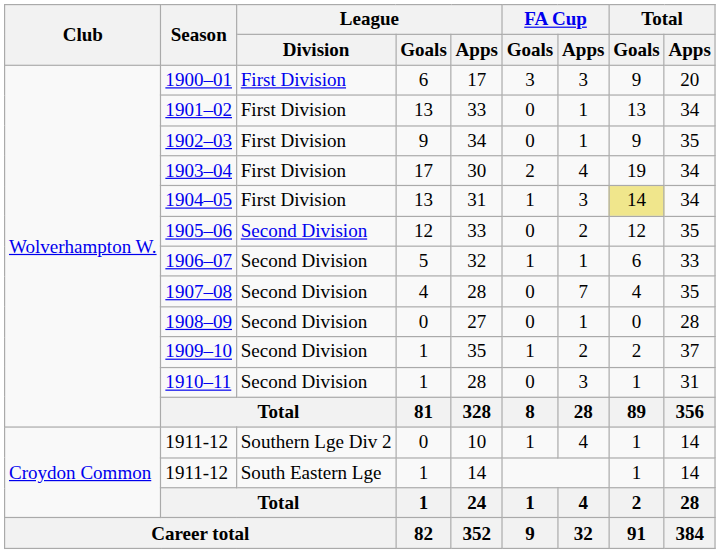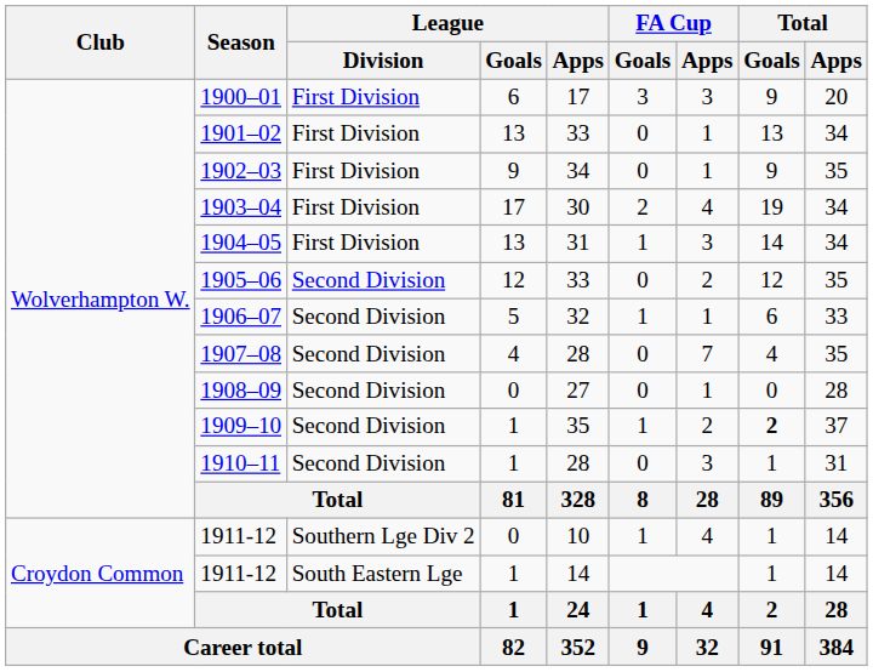 <table class="wikitable">
 <tr>
 <th rowspan="2">Club</th>
 <th rowspan="2">Season</th>
 <th colspan="3">League</th>
 <th colspan="2"><a href='#'>FA Cup</a></th>
 <th colspan="2">Total</th>
 </tr>
 <tr>
 <th>Division</th>
 <th>Goals</th>
 <th>Apps</th>
 <th>Goals</th>
 <th>Apps</th>
 <th>Goals</th>
 <th>Apps</th>
 </tr>
 <tr>
 <td rowspan="12"><a href='#'>Wolverhampton W.</a></td>
 <td><a href='#'>1900–01</a></td>
 <td><a href='#'>First Division</a></td>
 <td align="center">6</td>
 <td align="center">17</td>
 <td align="center">3</td>
 <td align="center">3</td>
 <td align="center">9</td>
 <td align="center">20</td>
 </tr>
 <tr>
 <td><a href='#'>1901–02</a></td>
 <td>First Division</td>
 <td align="center">13</td>
 <td align="center">33</td>
 <td align="center">0</td>
 <td align="center">1</td>
 <td align="center">13</td>
 <td align="center">34</td>
 </tr>
 <tr>
 <td><a href='#'>1902–03</a></td>
 <td>First Division</td>
 <td align="center">9</td>
 <td align="center">34</td>
 <td align="center">0</td>
 <td align="center">1</td>
 <td align="center">9</td>
 <td align="center">35</td>
 </tr>
 <tr>
 <td><a href='#'>1903–04</a></td>
 <td>First Division</td>
 <td align="center">17</td>
 <td align="center">30</td>
 <td align="center">2</td>
 <td align="center">4</td>
 <td align="center">19</td>
 <td align="center">34</td>
 </tr>
 <tr>
 <td><a href='#'>1904–05</a></td>
 <td>First Division</td>
 <td align="center">13</td>
 <td align="center">31</td>
 <td align="center">1</td>
 <td align="center">3</td>
-<td align="center" style="background: khaki;">14</td>
+<td align="center">14</td>
 <td align="center">34</td>
 </tr>
 <tr>
 <td><a href='#'>1905–06</a></td>
 <td><a href='#'>Second Division</a></td>
 <td align="center">12</td>
 <td align="center">33</td>
 <td align="center">0</td>
 <td align="center">2</td>
 <td align="center">12</td>
 <td align="center">35</td>
 </tr>
 <tr>
 <td><a href='#'>1906–07</a></td>
 <td>Second Division</td>
 <td align="center">5</td>
 <td align="center">32</td>
 <td align="center">1</td>
 <td align="center">1</td>
 <td align="center">6</td>
 <td align="center">33</td>
 </tr>
 <tr>
 <td><a href='#'>1907–08</a></td>
 <td>Second Division</td>
 <td align="center">4</td>
 <td align="center">28</td>
 <td align="center">0</td>
 <td align="center">7</td>
 <td align="center">4</td>
 <td align="center">35</td>
 </tr>
 <tr>
 <td><a href='#'>1908–09</a></td>
 <td>Second Division</td>
 <td align="center">0</td>
 <td align="center">27</td>
 <td align="center">0</td>
 <td align="center">1</td>
 <td align="center">0</td>
 <td align="center">28</td>
 </tr>
 <tr>
 <td><a href='#'>1909–10</a></td>
 <td>Second Division</td>
 <td align="center">1</td>
 <td align="center">35</td>
 <td align="center">1</td>
 <td align="center">2</td>
-<td align="center">2</td>
+<td align="center"><strong>2</strong></td>
 <td align="center">37</td>
 </tr>
 <tr>
 <td><a href='#'>1910–11</a></td>
 <td>Second Division</td>
 <td align="center">1</td>
 <td align="center">28</td>
 <td align="center">0</td>
 <td align="center">3</td>
 <td align="center">1</td>
 <td align="center">31</td>
 </tr>
 <tr>
 <th colspan="2">Total</th>
 <th>81</th>
 <th>328</th>
 <th>8</th>
 <th>28</th>
 <th>89</th>
 <th>356</th>
 </tr>
 <tr>
 <td rowspan="3"><a href='#'>Croydon Common</a></td>
 <td>1911-12</td>
 <td>Southern Lge Div 2</td>
 <td align="center">0</td>
 <td align="center">10</td>
 <td align="center">1</td>
 <td align="center">4</td>
 <td align="center">1</td>
 <td align="center">14</td>
 </tr>
 <tr>
 <td>1911-12</td>
 <td>South Eastern Lge</td>
 <td align="center">1</td>
 <td align="center">14</td>
 <td colspan="2"></td>
 <td align="center">1</td>
 <td align="center">14</td>
 </tr>
 <tr>
 <th colspan="2">Total</th>
 <th>1</th>
 <th>24</th>
 <th>1</th>
 <th>4</th>
 <th>2</th>
 <th>28</th>
 </tr>
 <tr>
 <th colspan="3">Career total</th>
 <th>82</th>
 <th>352</th>
 <th>9</th>
 <th>32</th>
 <th>91</th>
 <th>384</th>
 </tr>
 </table>
